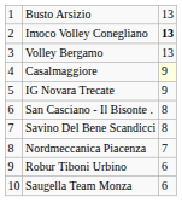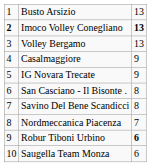 <table class="wikitable">
 <tr>
 <td>1</td>
 <td>Busto Arsizio</td>
 <td>13</td>
 </tr>
 <tr>
-<td>2</td>
+<td><strong>2</strong></td>
 <td>Imoco Volley Conegliano</td>
 <td><strong>13</strong></td>
 </tr>
 <tr>
 <td>3</td>
 <td>Volley Bergamo</td>
 <td>13</td>
 </tr>
 <tr>
 <td>4</td>
 <td>Casalmaggiore</td>
-<td style="background: lightyellow;">9</td>
+<td>9</td>
 </tr>
 <tr>
 <td>5</td>
 <td>IG Novara Trecate</td>
 <td>9</td>
 </tr>
 <tr>
 <td>6</td>
 <td>San Casciano - Il Bisonte .</td>
 <td>8</td>
 </tr>
 <tr>
 <td>7</td>
 <td>Savino Del Bene Scandicci</td>
 <td>8</td>
 </tr>
 <tr>
 <td>8</td>
 <td>Nordmeccanica Piacenza</td>
 <td>7</td>
 </tr>
 <tr>
 <td>9</td>
 <td>Robur Tiboni Urbino</td>
-<td>6</td>
+<td><strong>6</strong></td>
 </tr>
 <tr>
 <td>10</td>
 <td>Saugella Team Monza</td>
 <td>6</td>
 </tr>
 </table>
